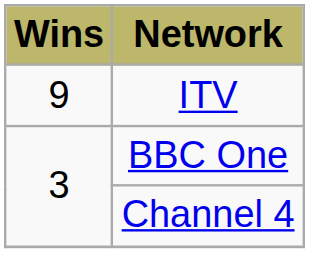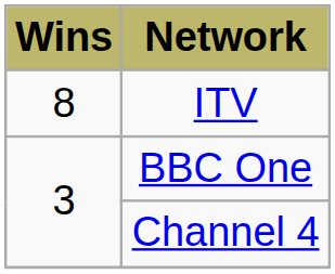 <table class="wikitable" style="text-align:center;">
 <tr>
 <th style="background:#BDB76B;">Wins</th>
 <th style="background:#BDB76B;">Network</th>
 </tr>
 <tr>
-<td>9</td>
+<td>8</td>
 <td><a href='#'>ITV</a></td>
 </tr>
 <tr>
 <td rowspan="2">3</td>
 <td><a href='#'>BBC One</a></td>
 </tr>
 <tr>
 <td><a href='#'>Channel 4</a></td>
 </tr>
 <tr>
 </tr>
 </table>
